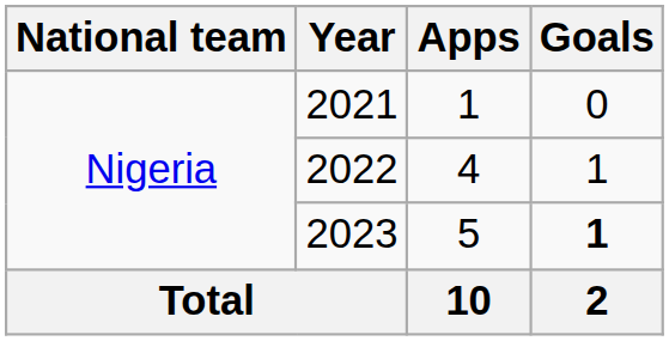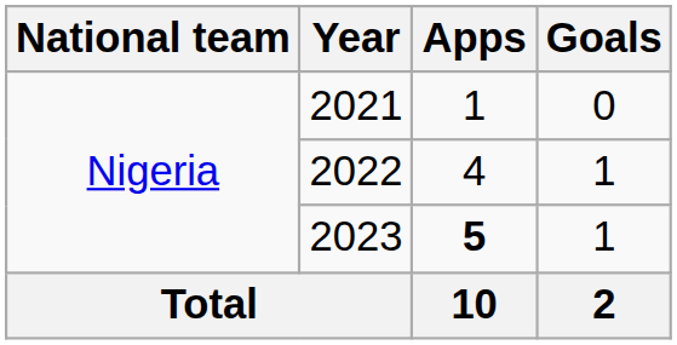 <table class="wikitable" style="text-align:center">
 <tr>
 <th>National team</th>
 <th>Year</th>
 <th>Apps</th>
 <th>Goals</th>
 </tr>
 <tr>
 <td rowspan="3"><a href='#'>Nigeria</a></td>
 <td>2021</td>
 <td>1</td>
 <td>0</td>
 </tr>
 <tr>
 <td>2022</td>
 <td>4</td>
 <td>1</td>
 </tr>
 <tr>
 <td>2023</td>
-<td>5</td>
-<td><strong>1</strong></td>
+<td><strong>5</strong></td>
+<td>1</td>
 </tr>
 <tr>
 <th colspan="2">Total</th>
 <th>10</th>
 <th>2</th>
 </tr>
 </table>
